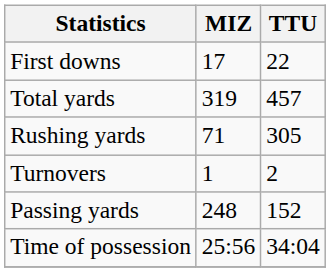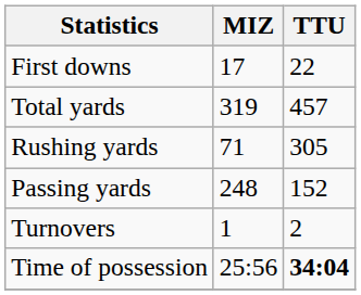 <table class="wikitable" style="float: left;">
 <tr>
 <th>Statistics</th>
 <th>MIZ</th>
 <th>TTU</th>
 </tr>
 <tr>
 <td>First downs</td>
 <td>17</td>
 <td>22</td>
 </tr>
 <tr>
 <td>Total yards</td>
 <td>319</td>
 <td>457</td>
 </tr>
 <tr>
 <td>Rushing yards</td>
 <td>71</td>
 <td>305</td>
 </tr>
 <tr>
+<td>Passing yards</td>
+<td>248</td>
+<td>152</td>
+</tr>
+<tr>
 <td>Turnovers</td>
 <td>1</td>
 <td>2</td>
 </tr>
 <tr>
-<td>Passing yards</td>
-<td>248</td>
-<td>152</td>
-</tr>
-<tr>
 <td>Time of possession</td>
 <td>25:56</td>
-<td>34:04</td>
+<td><strong>34:04</strong></td>
 </tr>
 <tr>
 </tr>
 </table>
